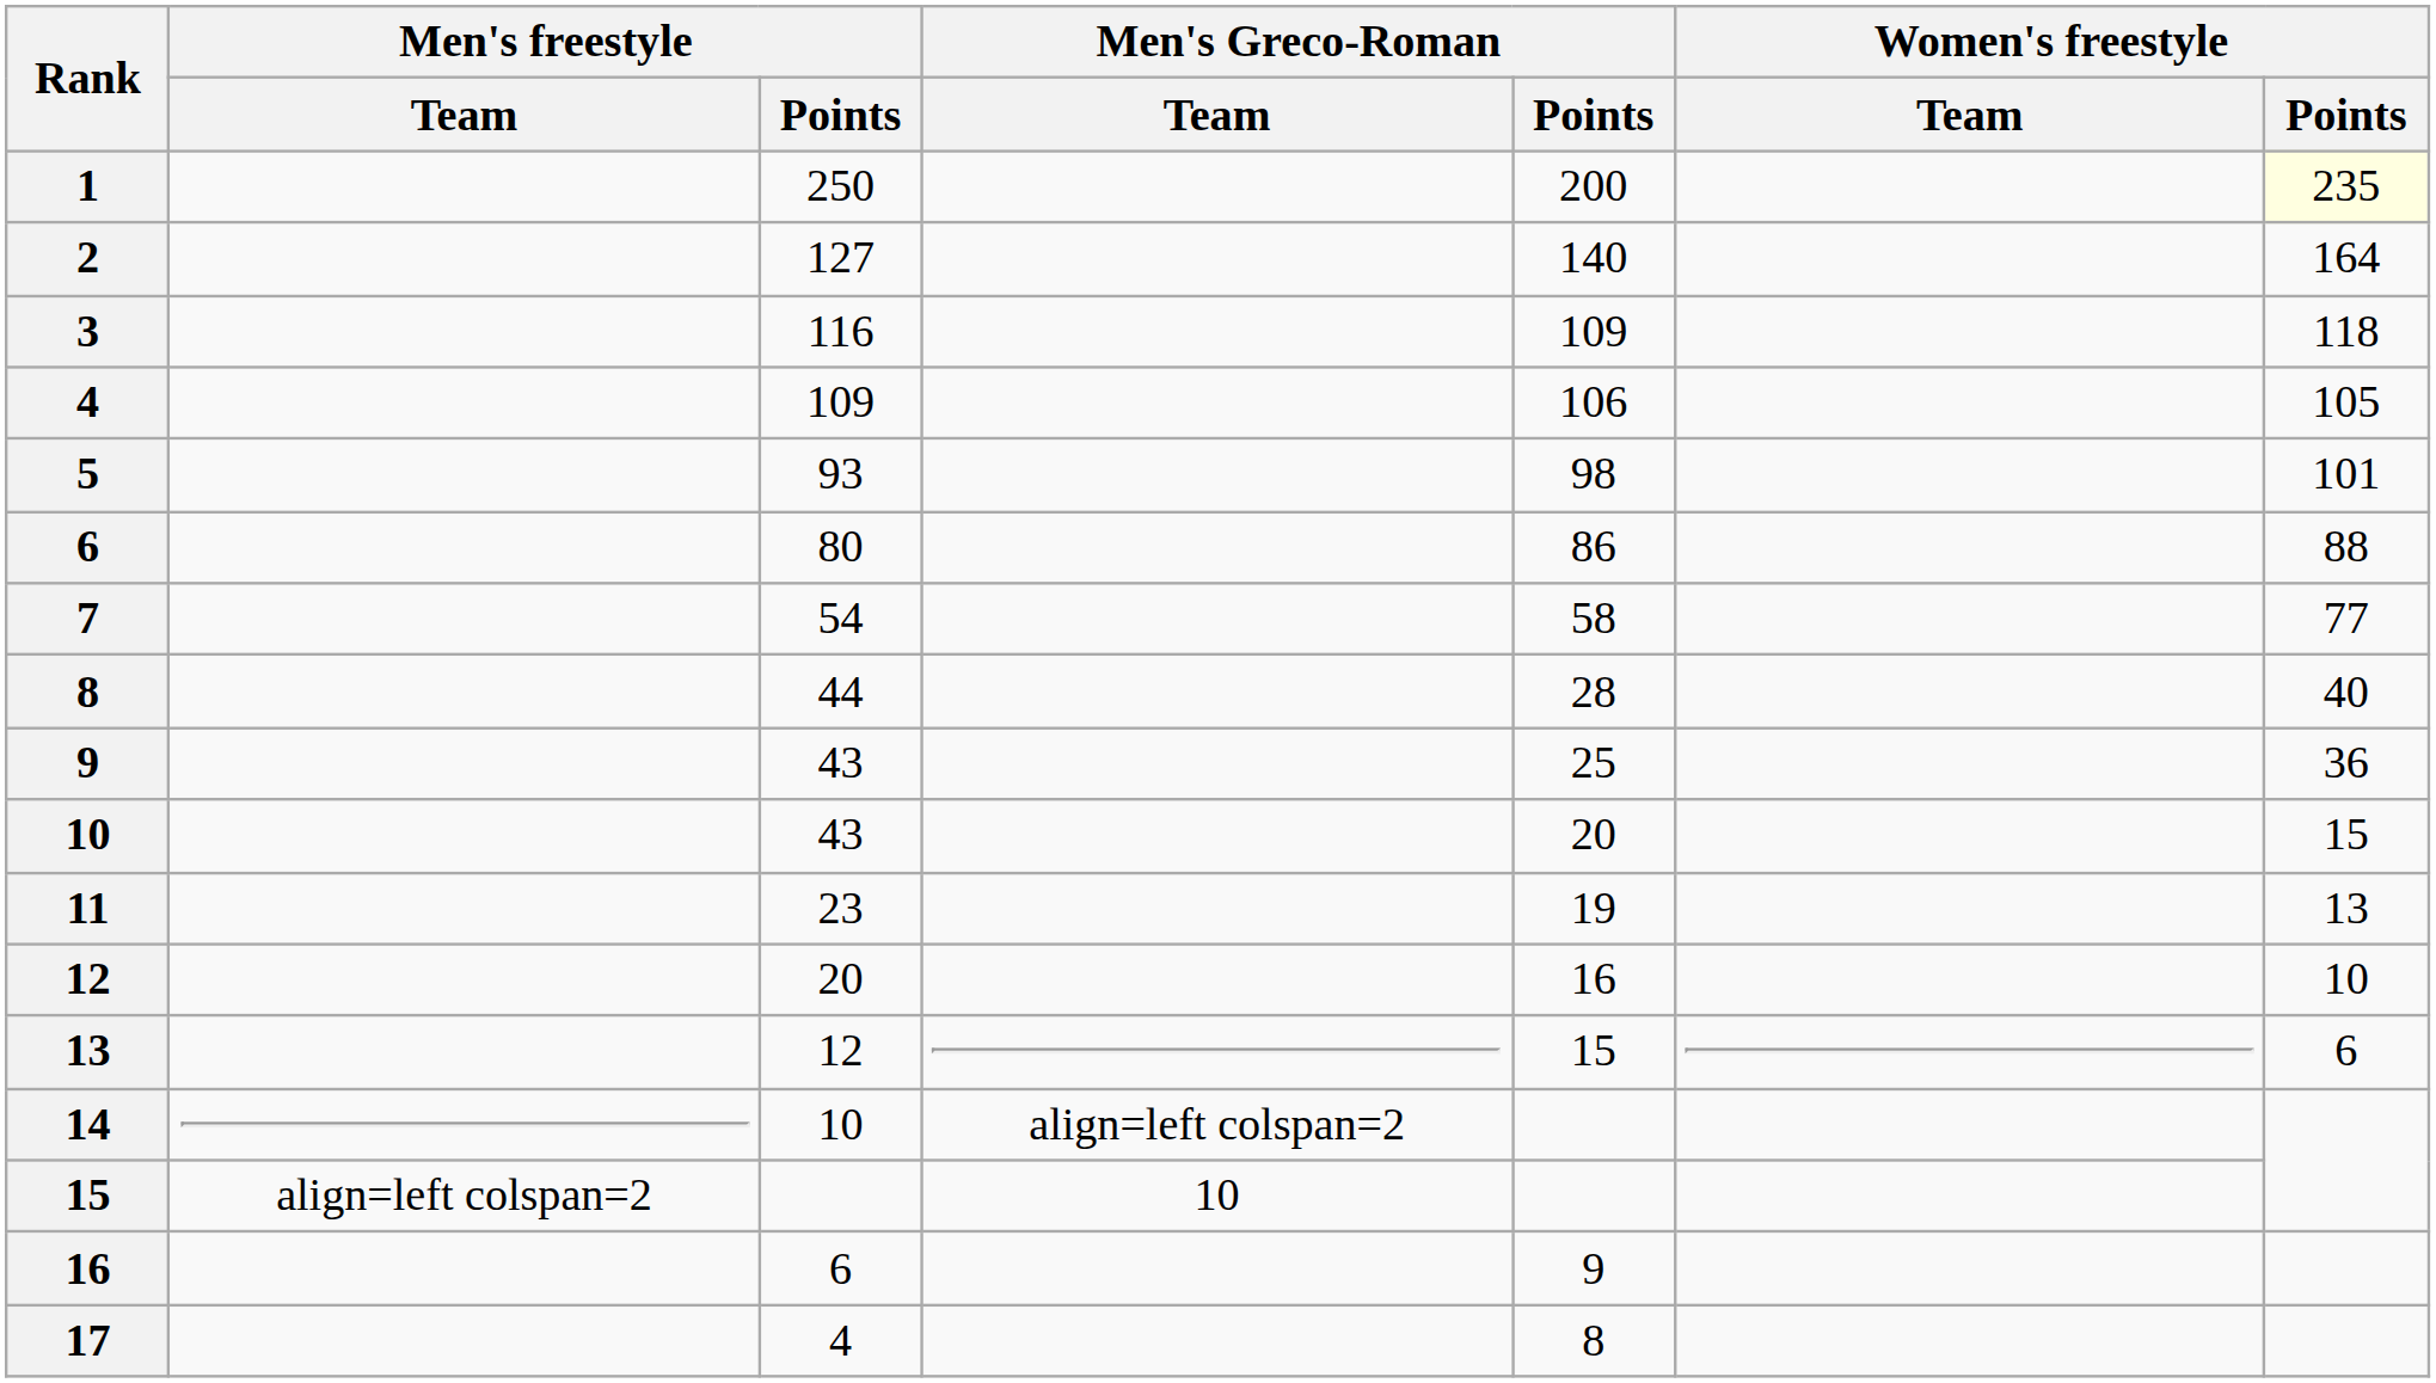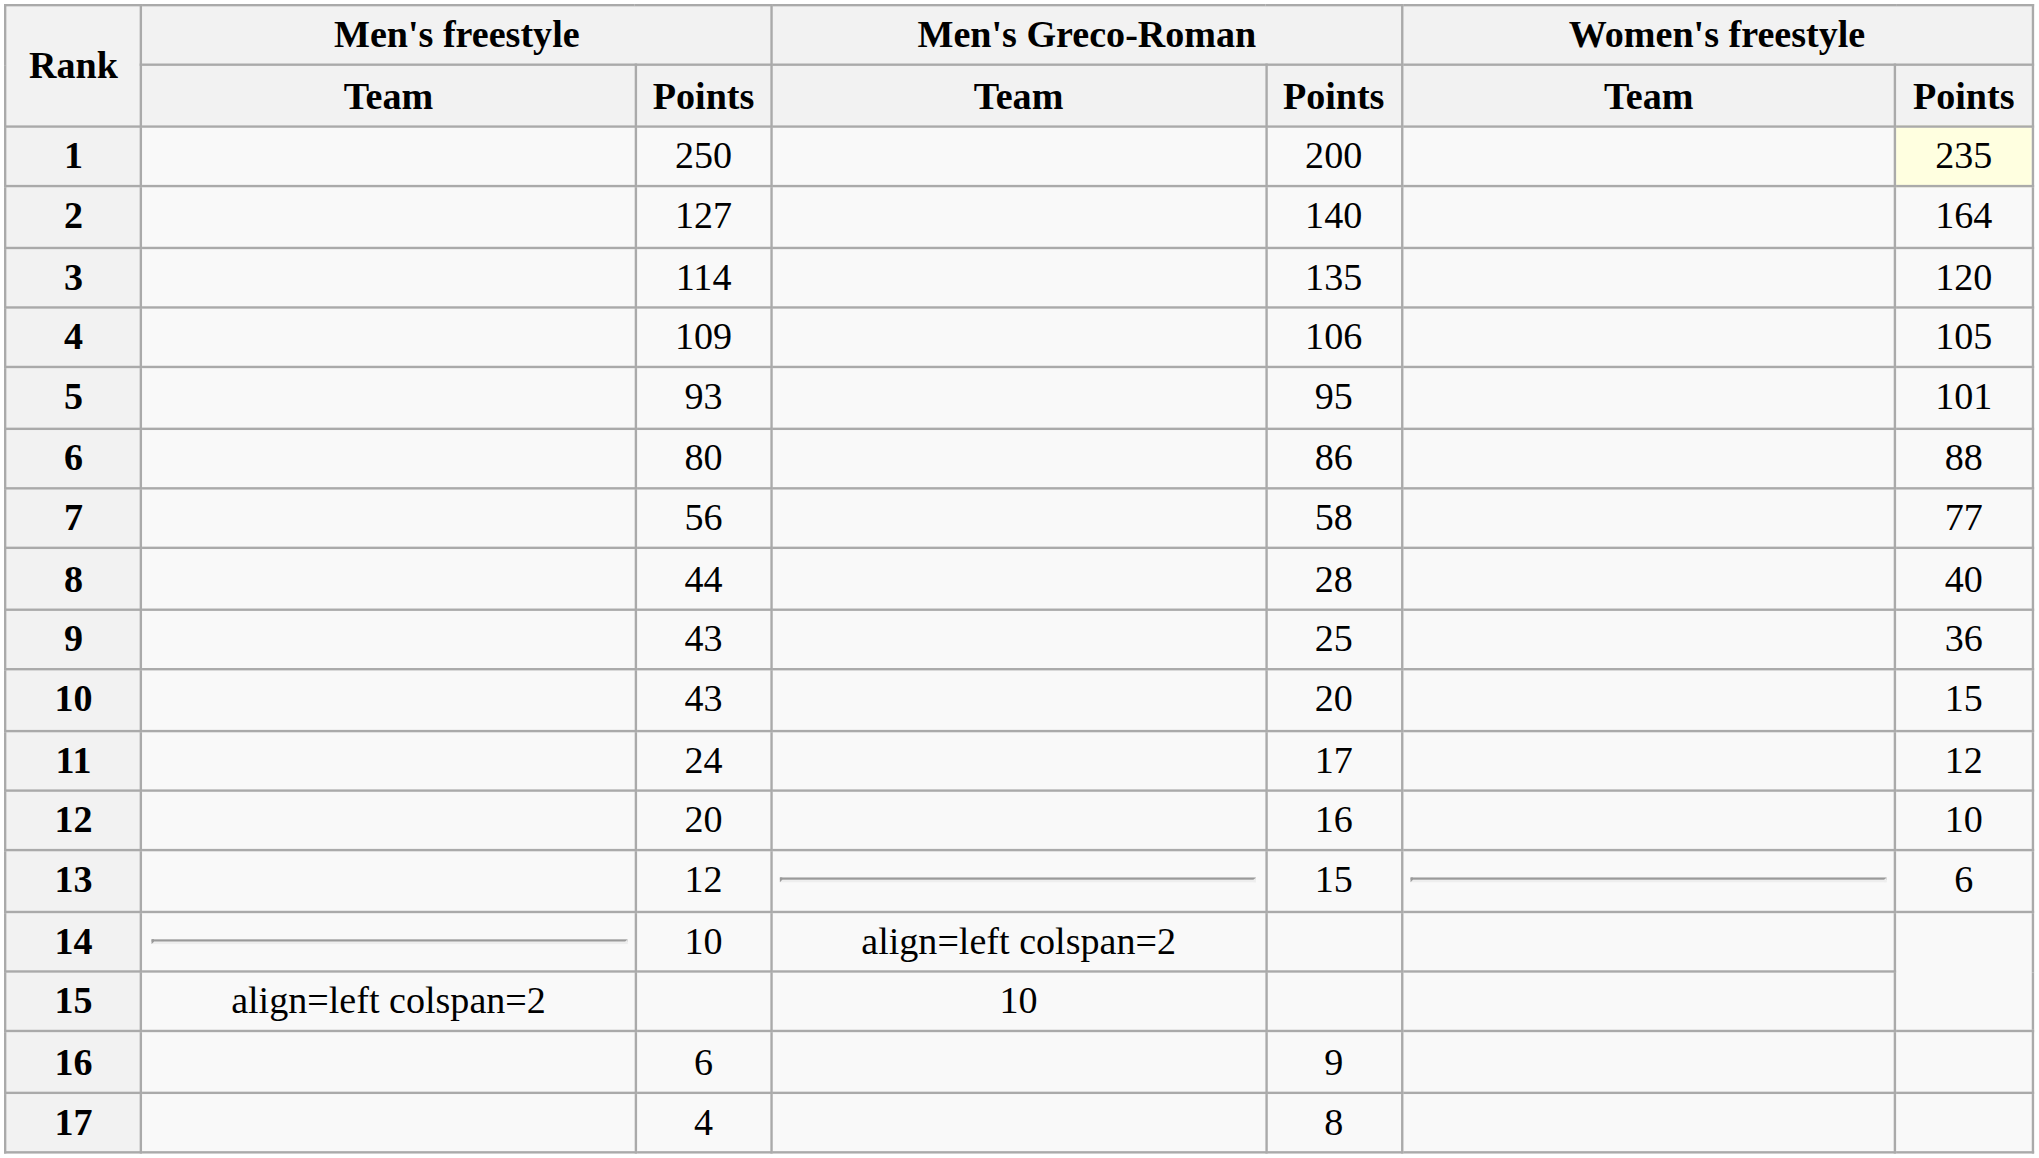 <table class="wikitable" style="text-align:center;">
 <tr>
 <th width=50 rowspan="2">Rank</th>
 <th colspan="2">Men's freestyle</th>
 <th colspan="2">Men's Greco-Roman</th>
 <th colspan="2">Women's freestyle</th>
 </tr>
 <tr>
 <th width=200>Team</th>
 <th width=50>Points</th>
 <th width=200>Team</th>
 <th width=50>Points</th>
 <th width=200>Team</th>
 <th width=50>Points</th>
 </tr>
 <tr>
 <th>1</th>
 <td align=left></td>
 <td>250</td>
 <td align=left></td>
 <td>200</td>
 <td align=left></td>
 <td style="background: lightyellow;">235</td>
 </tr>
 <tr>
 <th>2</th>
 <td align=left></td>
 <td>127</td>
 <td align=left></td>
 <td>140</td>
 <td align=left></td>
 <td>164</td>
 </tr>
 <tr>
 <th>3</th>
 <td align=left></td>
-<td>116</td>
+<td>114</td>
 <td align=left></td>
-<td>109</td>
+<td>135</td>
 <td align=left></td>
-<td>118</td>
+<td>120</td>
 </tr>
 <tr>
 <th>4</th>
 <td align=left></td>
 <td>109</td>
 <td align=left></td>
 <td>106</td>
 <td align=left></td>
 <td>105</td>
 </tr>
 <tr>
 <th>5</th>
 <td align=left></td>
 <td>93</td>
 <td align=left></td>
-<td>98</td>
+<td>95</td>
 <td align=left></td>
 <td>101</td>
 </tr>
 <tr>
 <th>6</th>
 <td align=left></td>
 <td>80</td>
 <td align=left></td>
 <td>86</td>
 <td align=left></td>
 <td>88</td>
 </tr>
 <tr>
 <th>7</th>
 <td align=left></td>
-<td>54</td>
+<td>56</td>
 <td align=left></td>
 <td>58</td>
 <td align=left></td>
 <td>77</td>
 </tr>
 <tr>
 <th>8</th>
 <td align=left></td>
 <td>44</td>
 <td align=left></td>
 <td>28</td>
 <td align=left></td>
 <td>40</td>
 </tr>
 <tr>
 <th>9</th>
 <td align=left></td>
 <td>43</td>
 <td align=left></td>
 <td>25</td>
 <td align=left></td>
 <td>36</td>
 </tr>
 <tr>
 <th>10</th>
 <td align=left></td>
 <td>43</td>
 <td align=left></td>
 <td>20</td>
 <td align=left></td>
 <td>15</td>
 </tr>
 <tr>
 <th>11</th>
 <td align=left></td>
-<td>23</td>
+<td>24</td>
 <td align=left></td>
-<td>19</td>
+<td>17</td>
 <td align=left></td>
-<td>13</td>
+<td>12</td>
 </tr>
 <tr>
 <th>12</th>
 <td align=left></td>
 <td>20</td>
 <td align=left></td>
 <td>16</td>
 <td align=left></td>
 <td>10</td>
 </tr>
 <tr>
 <th>13</th>
 <td align=left></td>
 <td>12</td>
 <td align=left><hr></td>
 <td>15</td>
 <td align=left><hr></td>
 <td>6</td>
 </tr>
 <tr>
 <th>14</th>
 <td align=left><hr></td>
 <td>10</td>
 <td>align=left colspan=2 </td>
 <td align=left></td>
 <td></td>
 </tr>
 <tr>
 <th>15</th>
 <td>align=left colspan=2 </td>
 <td align=left></td>
 <td>10</td>
 <td align=left></td>
 <td></td>
 </tr>
 <tr>
 <th>16</th>
 <td align=left></td>
 <td>6</td>
 <td align=left></td>
 <td>9</td>
 <td align=left></td>
 <td></td>
 </tr>
 <tr>
 <th>17</th>
 <td align=left></td>
 <td>4</td>
 <td align=left></td>
 <td>8</td>
 <td align=left></td>
 <td></td>
 </tr>
 </table>
